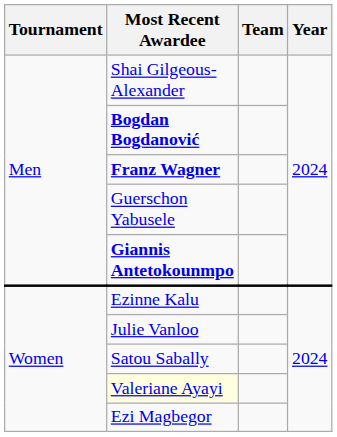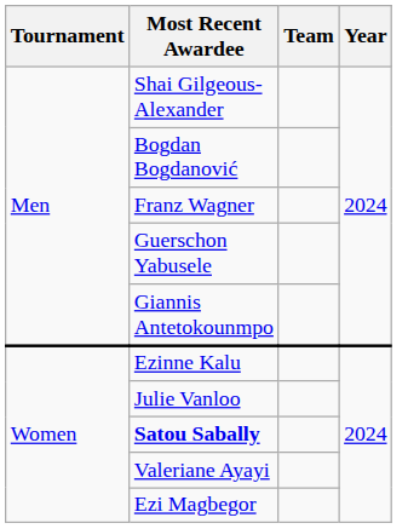 <table class="wikitable" style="width: 40%; font-size:90%">
 <tr>
 <th width=10%>Tournament</th>
 <th width=20%>Most Recent Awardee</th>
 <th width=20%>Team</th>
 <th width=5%>Year</th>
 </tr>
 <tr>
 <td rowspan=5><a href='#'>Men</a></td>
 <td><a href='#'>Shai Gilgeous-Alexander</a></td>
 <td></td>
 <td rowspan=5; align=center><a href='#'>2024</a></td>
 </tr>
 <tr>
-<td><strong><a href='#'>Bogdan Bogdanović</a></strong></td>
+<td><a href='#'>Bogdan Bogdanović</a></td>
 <td></td>
 </tr>
 <tr>
-<td><strong><a href='#'>Franz Wagner</a></strong></td>
+<td><a href='#'>Franz Wagner</a></td>
 <td></td>
 </tr>
 <tr>
 <td><a href='#'>Guerschon Yabusele</a></td>
 <td></td>
 </tr>
 <tr>
-<td><strong><a href='#'>Giannis Antetokounmpo</a></strong></td>
+<td><a href='#'>Giannis Antetokounmpo</a></td>
 <td></td>
 </tr>
 <tr style = "border-top:2px solid black;">
 <td rowspan=5><a href='#'>Women</a></td>
 <td><a href='#'>Ezinne Kalu</a></td>
 <td></td>
 <td rowspan=5; align=center><a href='#'>2024</a></td>
 </tr>
 <tr>
 <td><a href='#'>Julie Vanloo</a></td>
 <td></td>
 </tr>
 <tr>
-<td><a href='#'>Satou Sabally</a></td>
+<td><strong><a href='#'>Satou Sabally</a></strong></td>
 <td></td>
 </tr>
 <tr>
-<td style="background: lightyellow;"><a href='#'>Valeriane Ayayi</a></td>
+<td><a href='#'>Valeriane Ayayi</a></td>
 <td></td>
 </tr>
 <tr>
 <td><a href='#'>Ezi Magbegor</a></td>
 <td></td>
 </tr>
 </table>
